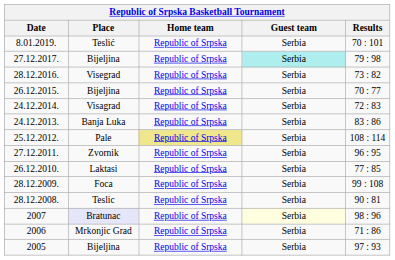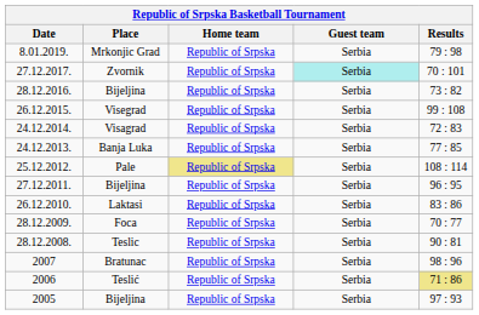 <table class="wikitable" style="text-align: center;font-size:90%;">
 <tr>
 <th colspan=5><a href='#'>Republic of Srpska Basketball Tournament</a></th>
 </tr>
 <tr>
 <th width=90>Date</th>
 <th width=100>Place</th>
 <th width=150>Home team</th>
 <th width=150>Guest team</th>
 <th width=60>Results</th>
 </tr>
 <tr>
 <td>8.01.2019.</td>
-<td>Teslić</td>
+<td>Mrkonjic Grad</td>
 <td> <a href='#'>Republic of Srpska</a></td>
 <td> Serbia</td>
+<td>79 : 98</td>
+</tr>
+<tr>
+<td>27.12.2017.</td>
+<td>Zvornik</td>
+<td> <a href='#'>Republic of Srpska</a></td>
+<td style="background: paleturquoise;"> Serbia</td>
 <td>70 : 101</td>
 </tr>
 <tr>
-<td>27.12.2017.</td>
+<td>28.12.2016.</td>
 <td>Bijeljina</td>
-<td> <a href='#'>Republic of Srpska</a></td>
-<td style="background: paleturquoise;"> Serbia</td>
-<td>79 : 98</td>
-</tr>
-<tr>
-<td>28.12.2016.</td>
-<td>Visegrad</td>
 <td> <a href='#'>Republic of Srpska</a></td>
 <td> Serbia</td>
 <td>73 : 82</td>
 </tr>
 <tr>
 <td>26.12.2015.</td>
-<td>Bijeljina</td>
+<td>Visegrad</td>
 <td> <a href='#'>Republic of Srpska</a></td>
 <td> Serbia</td>
-<td>70 : 77</td>
+<td>99 : 108</td>
 </tr>
 <tr>
 <td>24.12.2014.</td>
 <td>Visagrad</td>
 <td> <a href='#'>Republic of Srpska</a></td>
 <td> Serbia</td>
 <td>72 : 83</td>
 </tr>
 <tr>
 <td>24.12.2013.</td>
 <td>Banja Luka</td>
 <td> <a href='#'>Republic of Srpska</a></td>
 <td> Serbia</td>
-<td>83 : 86</td>
+<td>77 : 85</td>
 </tr>
 <tr>
 <td>25.12.2012.</td>
 <td>Pale</td>
 <td style="background: khaki;"> <a href='#'>Republic of Srpska</a></td>
 <td> Serbia</td>
 <td>108 : 114</td>
 </tr>
 <tr>
 <td>27.12.2011.</td>
-<td>Zvornik</td>
+<td>Bijeljina</td>
 <td> <a href='#'>Republic of Srpska</a></td>
 <td> Serbia</td>
 <td>96 : 95</td>
 </tr>
 <tr>
 <td>26.12.2010.</td>
 <td>Laktasi</td>
 <td> <a href='#'>Republic of Srpska</a></td>
 <td> Serbia</td>
-<td>77 : 85</td>
+<td>83 : 86</td>
 </tr>
 <tr>
 <td>28.12.2009.</td>
 <td>Foca</td>
 <td> <a href='#'>Republic of Srpska</a></td>
 <td> Serbia</td>
-<td>99 : 108</td>
+<td>70 : 77</td>
 </tr>
 <tr>
 <td>28.12.2008.</td>
 <td>Teslic</td>
 <td> <a href='#'>Republic of Srpska</a></td>
 <td> Serbia</td>
 <td>90 : 81</td>
 </tr>
 <tr>
 <td>2007</td>
-<td style="background: lavender;">Bratunac</td>
+<td>Bratunac</td>
 <td> <a href='#'>Republic of Srpska</a></td>
-<td style="background: lightyellow;"> Serbia</td>
+<td> Serbia</td>
 <td>98 : 96</td>
 </tr>
 <tr>
 <td>2006</td>
-<td>Mrkonjic Grad</td>
+<td>Teslić</td>
 <td> <a href='#'>Republic of Srpska</a></td>
 <td> Serbia</td>
-<td>71 : 86</td>
+<td style="background: khaki;">71 : 86</td>
 </tr>
 <tr>
 <td>2005</td>
 <td>Bijeljina</td>
 <td> <a href='#'>Republic of Srpska</a></td>
 <td> Serbia</td>
 <td>97 : 93</td>
 </tr>
 </table>
